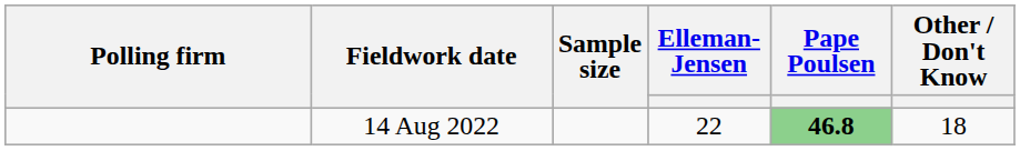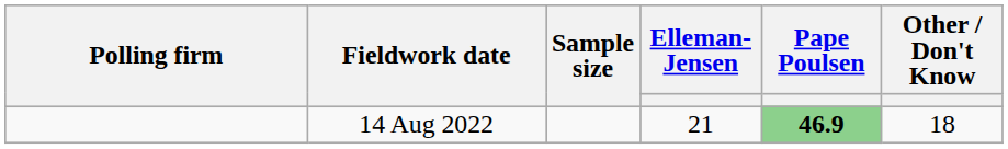 <table class="wikitable sortable mw-datatable" style="text-align:center;font-size:90%;line-height:14px;">
 <tr style="height:40px;">
 <th style="width:160px;" rowspan="2">Polling firm</th>
 <th style="width:125px;" rowspan="2">Fieldwork date</th>
 <th style="width:35px;" rowspan="2">Sample<br>size</th>
 <th class="unsortable" style="width:60px;"><a href='#'>Elleman-Jensen</a><br></th>
 <th class="unsortable" style="width:60px;"><a href='#'>Pape Poulsen</a><br></th>
 <th class="unsortable" style="width:60px;">Other / Don't Know</th>
 </tr>
 <tr>
 <th style="color:inherit;background:"></th>
 <th style="color:inherit;background:"></th>
 <th style="color:inherit;background:"></th>
 </tr>
 <tr>
 <td></td>
 <td data-sort-value="2020-06-10">14 Aug 2022</td>
 <td></td>
-<td>22</td>
-<td style="background:#8CD08C;"><strong>46.8</strong></td>
+<td>21</td>
+<td style="background:#8CD08C;"><strong>46.9</strong></td>
 <td>18</td>
 </tr>
 </table>
